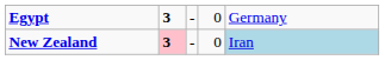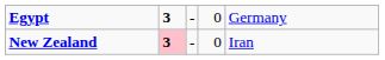 <table class="wikitable">
 <tr>
 <td width=150> <strong><a href='#'>Egypt</a></strong></td>
 <td style="width:20px; text-align:left;"><strong>3</strong></td>
 <td>-</td>
 <td style="width:20px; text-align:right;">0</td>
 <td width=150> <a href='#'>Germany</a></td>
 </tr>
 <tr>
 <td> <strong><a href='#'>New Zealand</a></strong></td>
 <td style="background: pink; text-align:left;"><strong>3</strong></td>
 <td>-</td>
 <td style="text-align:right;">0</td>
-<td style="background: lightblue;"> <a href='#'>Iran</a></td>
+<td> <a href='#'>Iran</a></td>
 </tr>
 </table>
